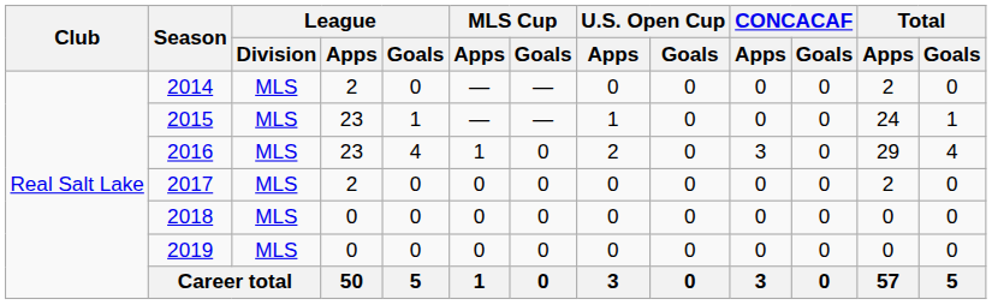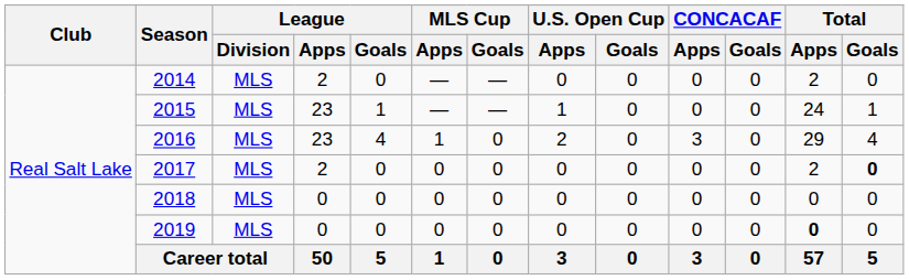 <table class="wikitable" style="text-align: center;">
 <tr>
 <th rowspan="2">Club</th>
 <th rowspan="2">Season</th>
 <th colspan="3">League</th>
 <th colspan="2">MLS Cup</th>
 <th colspan="2">U.S. Open Cup</th>
 <th colspan="2"><a href='#'>CONCACAF</a></th>
 <th colspan="2">Total</th>
 </tr>
 <tr>
 <th>Division</th>
 <th>Apps</th>
 <th>Goals</th>
 <th>Apps</th>
 <th>Goals</th>
 <th>Apps</th>
 <th>Goals</th>
 <th>Apps</th>
 <th>Goals</th>
 <th>Apps</th>
 <th>Goals</th>
 </tr>
 <tr>
 <td rowspan="7"><a href='#'>Real Salt Lake</a></td>
 <td><a href='#'>2014</a></td>
 <td><a href='#'>MLS</a></td>
 <td>2</td>
 <td>0</td>
 <td>—</td>
 <td>—</td>
 <td>0</td>
 <td>0</td>
 <td>0</td>
 <td>0</td>
 <td>2</td>
 <td>0</td>
 </tr>
 <tr>
 <td><a href='#'>2015</a></td>
 <td><a href='#'>MLS</a></td>
 <td>23</td>
 <td>1</td>
 <td>—</td>
 <td>—</td>
 <td>1</td>
 <td>0</td>
 <td>0</td>
 <td>0</td>
 <td>24</td>
 <td>1</td>
 </tr>
 <tr>
 <td><a href='#'>2016</a></td>
 <td><a href='#'>MLS</a></td>
 <td>23</td>
 <td>4</td>
 <td>1</td>
 <td>0</td>
 <td>2</td>
 <td>0</td>
 <td>3</td>
 <td>0</td>
 <td>29</td>
 <td>4</td>
 </tr>
 <tr>
 <td><a href='#'>2017</a></td>
 <td><a href='#'>MLS</a></td>
 <td>2</td>
 <td>0</td>
 <td>0</td>
 <td>0</td>
 <td>0</td>
 <td>0</td>
 <td>0</td>
 <td>0</td>
 <td>2</td>
-<td>0</td>
+<td><strong>0</strong></td>
 </tr>
 <tr>
 <td><a href='#'>2018</a></td>
 <td><a href='#'>MLS</a></td>
 <td>0</td>
 <td>0</td>
 <td>0</td>
 <td>0</td>
 <td>0</td>
 <td>0</td>
 <td>0</td>
 <td>0</td>
 <td>0</td>
 <td>0</td>
 </tr>
 <tr>
 <td><a href='#'>2019</a></td>
 <td><a href='#'>MLS</a></td>
 <td>0</td>
 <td>0</td>
 <td>0</td>
 <td>0</td>
 <td>0</td>
 <td>0</td>
 <td>0</td>
 <td>0</td>
-<td>0</td>
+<td><strong>0</strong></td>
 <td>0</td>
 </tr>
 <tr>
 <th colspan="2">Career total</th>
 <th>50</th>
 <th>5</th>
 <th>1</th>
 <th>0</th>
 <th>3</th>
 <th>0</th>
 <th>3</th>
 <th>0</th>
 <th>57</th>
 <th>5</th>
 </tr>
 </table>
